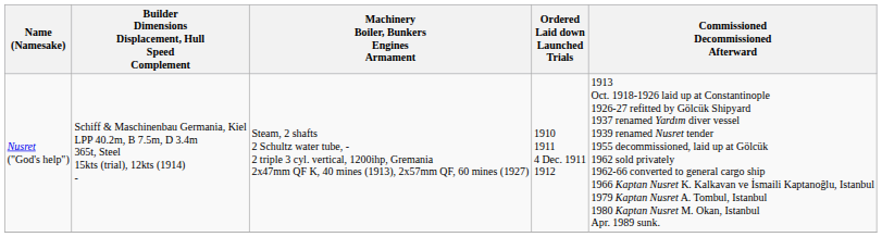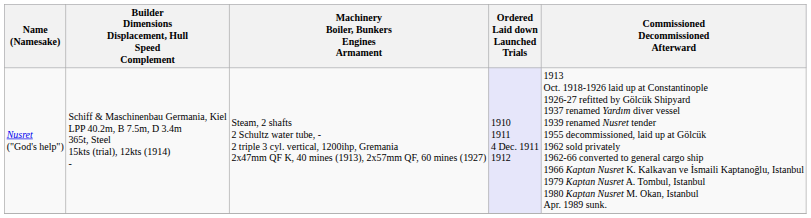 <table class="wikitable" style="font-size:90%;">
 <tr bgcolor="#e6e9ff">
 <th>Name<br>(Namesake)</th>
 <th>Builder<br>Dimensions<br>Displacement, Hull<br>Speed<br>Complement</th>
 <th>Machinery<br>Boiler, Bunkers<br>Engines<br>Armament</th>
 <th>Ordered<br>Laid down<br>Launched<br>Trials</th>
 <th>Commissioned<br>Decommissioned<br>Afterward</th>
 </tr>
 <tr ---->
 <td><em><a href='#'>Nusret</a></em><br>("God's help")</td>
 <td> Schiff & Maschinenbau Germania, Kiel<br>LPP 40.2m, B 7.5m, D 3.4m<br>365t, Steel<br>15kts (trial), 12kts (1914)<br>-</td>
 <td>Steam, 2 shafts<br>2 Schultz water tube, -<br>2 triple 3 cyl. vertical, 1200ihp, Gremania<br>2x47mm QF K, 40 mines (1913), 2x57mm QF, 60 mines (1927)</td>
-<td>1910<br>1911<br>4 Dec. 1911<br>1912</td>
+<td style="background: lavender;">1910<br>1911<br>4 Dec. 1911<br>1912</td>
 <td>1913<br>Oct. 1918-1926 laid up at Constantinople<br>1926-27 refitted by Gölcük Shipyard<br>1937 renamed <em>Yardım</em> diver vessel<br>1939 renamed <em>Nusret</em> tender<br>1955 decommissioned, laid up at Gölcük<br>1962 sold privately<br>1962-66 converted to general cargo ship<br>1966 <em>Kaptan Nusret</em> K. Kalkavan ve İsmaili Kaptanoğlu, Istanbul<br>1979 <em>Kaptan Nusret</em> A. Tombul, Istanbul<br>1980 <em>Kaptan Nusret</em> M. Okan, Istanbul<br>Apr. 1989 sunk.</td>
 </tr>
 <tr ---->
 </tr>
 </table>
